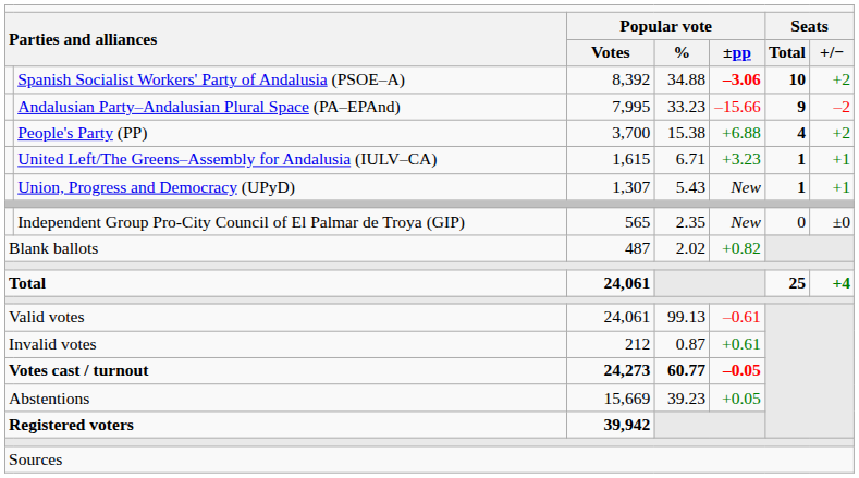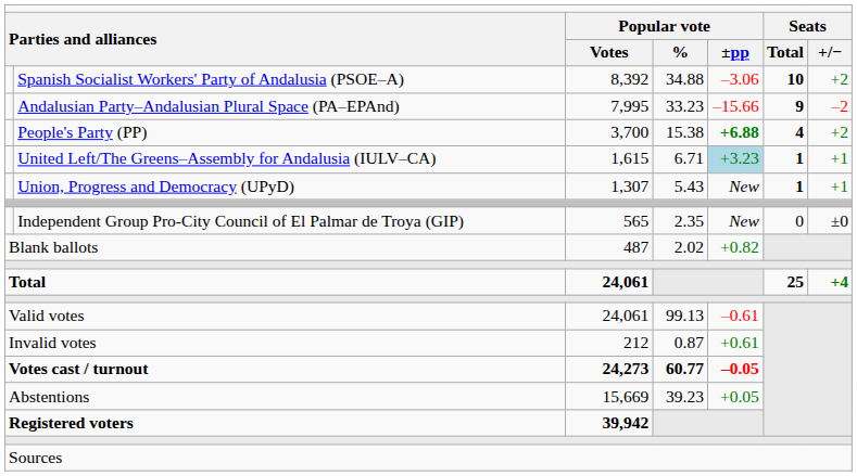 <table class="wikitable" style="text-align:right;">
 <tr>
 <td colspan="7"></td>
 </tr>
 <tr>
 <th style="text-align:left;" rowspan="2" colspan="2" width="525">Parties and alliances</th>
 <th colspan="3">Popular vote</th>
 <th colspan="2">Seats</th>
 </tr>
 <tr>
 <th width="75">Votes</th>
 <th width="45">%</th>
 <th width="45">±<a href='#'>pp</a></th>
 <th width="35">Total</th>
 <th width="35">+/−</th>
 </tr>
 <tr>
 <td width="1" style="color:inherit;background:"></td>
 <td align="left"><a href='#'>Spanish Socialist Workers' Party of Andalusia</a> (PSOE–A)</td>
 <td>8,392</td>
 <td>34.88</td>
-<td style="color:red;"><strong>–3.06</strong></td>
+<td style="color:red;">–3.06</td>
 <td><strong>10</strong></td>
 <td style="color:green;">+2</td>
 </tr>
 <tr>
 <td style="color:inherit;background:"></td>
 <td align="left"><a href='#'>Andalusian Party–Andalusian Plural Space</a> (PA–EPAnd)</td>
 <td>7,995</td>
 <td>33.23</td>
 <td style="color:red;">–15.66</td>
 <td><strong>9</strong></td>
 <td style="color:red;">–2</td>
 </tr>
 <tr>
 <td style="color:inherit;background:"></td>
 <td align="left"><a href='#'>People's Party</a> (PP)</td>
 <td>3,700</td>
 <td>15.38</td>
-<td style="color:green;">+6.88</td>
+<td style="color:green;"><strong>+6.88</strong></td>
 <td><strong>4</strong></td>
 <td style="color:green;">+2</td>
 </tr>
 <tr>
 <td style="color:inherit;background:"></td>
 <td align="left"><a href='#'>United Left/The Greens–Assembly for Andalusia</a> (IULV–CA)</td>
 <td>1,615</td>
 <td>6.71</td>
-<td style="color:green;">+3.23</td>
+<td style="background: lightblue; color:green;">+3.23</td>
 <td><strong>1</strong></td>
 <td style="color:green;">+1</td>
 </tr>
 <tr>
 <td style="color:inherit;background:"></td>
 <td align="left"><a href='#'>Union, Progress and Democracy</a> (UPyD)</td>
 <td>1,307</td>
 <td>5.43</td>
 <td><em>New</em></td>
 <td><strong>1</strong></td>
 <td style="color:green;">+1</td>
 </tr>
 <tr>
 <td colspan="7" bgcolor="#C0C0C0"></td>
 </tr>
 <tr>
 <td style="color:inherit;background:"></td>
 <td align="left">Independent Group Pro-City Council of El Palmar de Troya (GIP)</td>
 <td>565</td>
 <td>2.35</td>
 <td><em>New</em></td>
 <td>0</td>
 <td>±0</td>
 </tr>
 <tr>
 <td align="left" colspan="2">Blank ballots</td>
 <td>487</td>
 <td>2.02</td>
 <td style="color:green;">+0.82</td>
 <td bgcolor="#E9E9E9" colspan="2"></td>
 </tr>
 <tr>
 <td colspan="7" bgcolor="#E9E9E9"></td>
 </tr>
 <tr style="font-weight:bold;">
 <td align="left" colspan="2">Total</td>
 <td>24,061</td>
 <td bgcolor="#E9E9E9" colspan="2"></td>
 <td>25</td>
 <td style="color:green;">+4</td>
 </tr>
 <tr>
 <td colspan="7" bgcolor="#E9E9E9"></td>
 </tr>
 <tr>
 <td align="left" colspan="2">Valid votes</td>
 <td>24,061</td>
 <td>99.13</td>
 <td style="color:red;">–0.61</td>
 <td bgcolor="#E9E9E9" colspan="2" rowspan="5"></td>
 </tr>
 <tr>
 <td align="left" colspan="2">Invalid votes</td>
 <td>212</td>
 <td>0.87</td>
 <td style="color:green;">+0.61</td>
 </tr>
 <tr style="font-weight:bold;">
 <td align="left" colspan="2">Votes cast / turnout</td>
 <td>24,273</td>
 <td>60.77</td>
 <td style="color:red;">–0.05</td>
 </tr>
 <tr>
 <td align="left" colspan="2">Abstentions</td>
 <td>15,669</td>
 <td>39.23</td>
 <td style="color:green;">+0.05</td>
 </tr>
 <tr style="font-weight:bold;">
 <td align="left" colspan="2">Registered voters</td>
 <td>39,942</td>
 <td bgcolor="#E9E9E9" colspan="2"></td>
 </tr>
 <tr>
 <td colspan="7" bgcolor="#E9E9E9"></td>
 </tr>
 <tr>
 <td align="left" colspan="7">Sources</td>
 </tr>
 </table>
